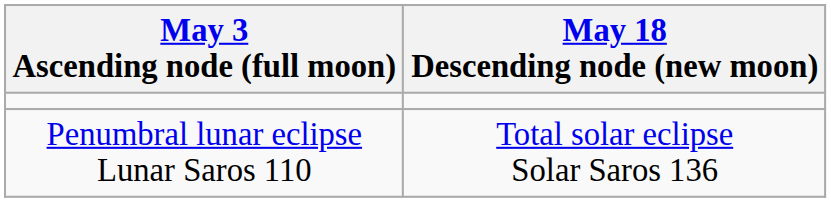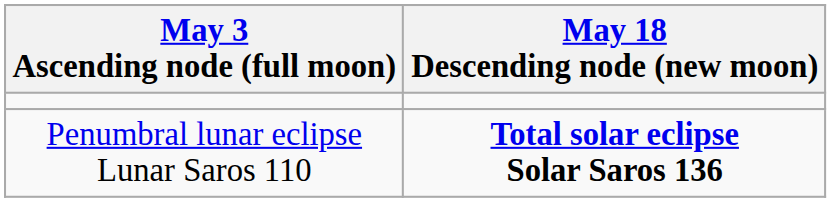 <table class="wikitable">
 <tr>
 <th><a href='#'>May 3</a><br>Ascending node (full moon)</th>
 <th><a href='#'>May 18</a><br>Descending node (new moon)</th>
 </tr>
 <tr>
 <td></td>
 <td></td>
 </tr>
 <tr align=center>
 <td><a href='#'>Penumbral lunar eclipse</a><br>Lunar Saros 110</td>
-<td><a href='#'>Total solar eclipse</a><br>Solar Saros 136</td>
+<td><strong><a href='#'>Total solar eclipse</a><br>Solar Saros 136</strong></td>
 </tr>
 </table>
